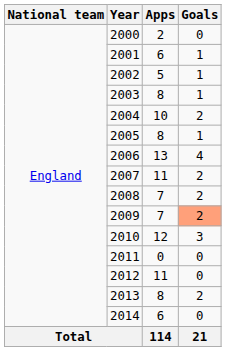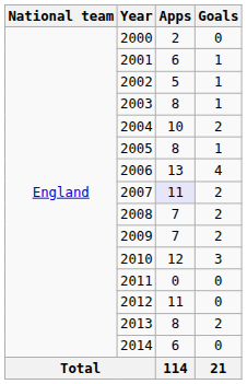 <table class="wikitable" style="text-align: center;">
 <tr>
 <th>National team</th>
 <th>Year</th>
 <th>Apps</th>
 <th>Goals</th>
 </tr>
 <tr>
 <td rowspan="15"><a href='#'>England</a></td>
 <td>2000</td>
 <td>2</td>
 <td>0</td>
 </tr>
 <tr>
 <td>2001</td>
 <td>6</td>
 <td>1</td>
 </tr>
 <tr>
 <td>2002</td>
 <td>5</td>
 <td>1</td>
 </tr>
 <tr>
 <td>2003</td>
 <td>8</td>
 <td>1</td>
 </tr>
 <tr>
 <td>2004</td>
 <td>10</td>
 <td>2</td>
 </tr>
 <tr>
 <td>2005</td>
 <td>8</td>
 <td>1</td>
 </tr>
 <tr>
 <td>2006</td>
 <td>13</td>
 <td>4</td>
 </tr>
 <tr>
 <td>2007</td>
-<td>11</td>
+<td style="background: lavender;">11</td>
 <td>2</td>
 </tr>
 <tr>
 <td>2008</td>
 <td>7</td>
 <td>2</td>
 </tr>
 <tr>
 <td>2009</td>
 <td>7</td>
-<td style="background: lightsalmon;">2</td>
+<td>2</td>
 </tr>
 <tr>
 <td>2010</td>
 <td>12</td>
 <td>3</td>
 </tr>
 <tr>
 <td>2011</td>
 <td>0</td>
 <td>0</td>
 </tr>
 <tr>
 <td>2012</td>
 <td>11</td>
 <td>0</td>
 </tr>
 <tr>
 <td>2013</td>
 <td>8</td>
 <td>2</td>
 </tr>
 <tr>
 <td>2014</td>
 <td>6</td>
 <td>0</td>
 </tr>
 <tr>
 <th colspan="2">Total</th>
 <th>114</th>
 <th>21</th>
 </tr>
 </table>
